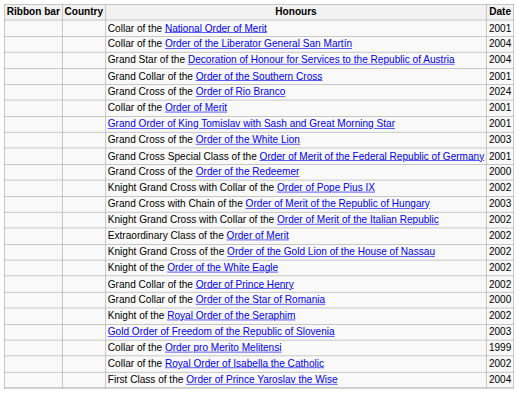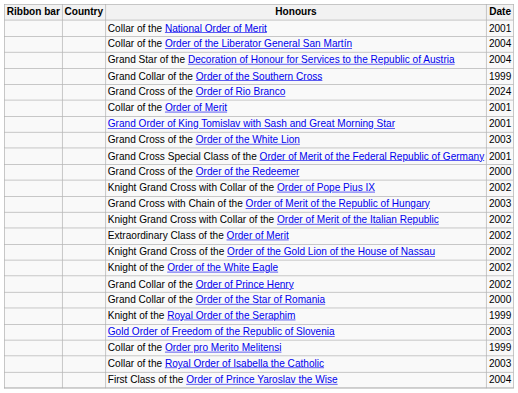 <table class="wikitable">
 <tr>
 <th style="text-align: center;">Ribbon bar</th>
 <th>Country</th>
 <th>Honours</th>
 <th>Date</th>
 </tr>
 <tr>
 <td></td>
 <td></td>
 <td>Collar of the <a href='#'>National Order of Merit</a></td>
 <td>2001</td>
 </tr>
 <tr>
 <td></td>
 <td></td>
 <td>Collar of the <a href='#'>Order of the Liberator General San Martín</a></td>
 <td>2004</td>
 </tr>
 <tr>
 <td></td>
 <td></td>
 <td>Grand Star of the <a href='#'>Decoration of Honour for Services to the Republic of Austria</a></td>
 <td>2004</td>
 </tr>
 <tr>
 <td></td>
 <td></td>
 <td>Grand Collar of the <a href='#'>Order of the Southern Cross</a></td>
-<td>2001</td>
+<td>1999</td>
 </tr>
 <tr>
 <td></td>
 <td></td>
 <td>Grand Cross of the <a href='#'>Order of Rio Branco</a></td>
 <td>2024</td>
 </tr>
 <tr>
 <td></td>
 <td></td>
 <td>Collar of the <a href='#'>Order of Merit</a></td>
 <td>2001</td>
 </tr>
 <tr>
 <td></td>
 <td></td>
 <td><a href='#'>Grand Order of King Tomislav with Sash and Great Morning Star</a></td>
 <td>2001</td>
 </tr>
 <tr>
 <td></td>
 <td></td>
 <td>Grand Cross of the <a href='#'>Order of the White Lion</a></td>
 <td>2003</td>
 </tr>
 <tr>
 <td></td>
 <td></td>
 <td>Grand Cross Special Class of the <a href='#'>Order of Merit of the Federal Republic of Germany</a></td>
 <td>2001</td>
 </tr>
 <tr>
 <td></td>
 <td></td>
 <td>Grand Cross of the <a href='#'>Order of the Redeemer</a></td>
 <td>2000</td>
 </tr>
 <tr>
 <td></td>
 <td></td>
 <td>Knight Grand Cross with Collar of the <a href='#'>Order of Pope Pius IX</a></td>
 <td>2002</td>
 </tr>
 <tr>
 <td></td>
 <td></td>
 <td>Grand Cross with Chain of the <a href='#'>Order of Merit of the Republic of Hungary</a></td>
 <td>2003</td>
 </tr>
 <tr>
 <td></td>
 <td></td>
 <td>Knight Grand Cross with Collar of the <a href='#'>Order of Merit of the Italian Republic</a></td>
 <td>2002</td>
 </tr>
 <tr>
 <td></td>
 <td></td>
 <td>Extraordinary Class of the <a href='#'>Order of Merit</a></td>
 <td>2002</td>
 </tr>
 <tr>
 <td></td>
 <td></td>
 <td>Knight Grand Cross of the <a href='#'>Order of the Gold Lion of the House of Nassau</a></td>
 <td>2002</td>
 </tr>
 <tr>
 <td></td>
 <td></td>
 <td>Knight of the <a href='#'>Order of the White Eagle</a></td>
 <td>2002</td>
 </tr>
 <tr>
 <td></td>
 <td></td>
 <td>Grand Collar of the <a href='#'>Order of Prince Henry</a></td>
 <td>2002</td>
 </tr>
 <tr>
 <td></td>
 <td></td>
 <td>Grand Collar of the <a href='#'>Order of the Star of Romania</a></td>
 <td>2000</td>
 </tr>
 <tr>
 <td></td>
 <td></td>
 <td>Knight of the <a href='#'>Royal Order of the Seraphim</a></td>
-<td>2002</td>
+<td>1999</td>
 </tr>
 <tr>
 <td></td>
 <td></td>
 <td><a href='#'>Gold Order of Freedom of the Republic of Slovenia</a></td>
 <td>2003</td>
 </tr>
 <tr>
 <td></td>
 <td></td>
 <td>Collar of the <a href='#'>Order pro Merito Melitensi</a></td>
 <td>1999</td>
 </tr>
 <tr>
 <td></td>
 <td></td>
 <td>Collar of the <a href='#'>Royal Order of Isabella the Catholic</a></td>
-<td>2002</td>
+<td>2003</td>
 </tr>
 <tr>
 <td></td>
 <td></td>
 <td>First Class of the <a href='#'>Order of Prince Yaroslav the Wise</a></td>
 <td>2004</td>
 </tr>
 <tr>
 </tr>
 </table>
